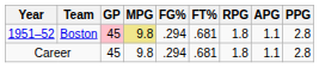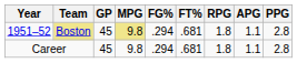 <table class="wikitable sortable" style="font-size:95%; text-align:right;">
 <tr>
 <th>Year</th>
 <th>Team</th>
 <th>GP</th>
 <th>MPG</th>
 <th>FG%</th>
 <th>FT%</th>
 <th>RPG</th>
 <th>APG</th>
 <th>PPG</th>
 </tr>
 <tr>
 <td style="text-align:left;"><a href='#'>1951–52</a></td>
-<td style="text-align:left;"><a href='#'>Boston</a></td>
-<td style="background: pink;">45</td>
+<td style="background: khaki; text-align:left;"><a href='#'>Boston</a></td>
+<td>45</td>
 <td style="background: khaki;">9.8</td>
 <td>.294</td>
 <td>.681</td>
 <td>1.8</td>
 <td>1.1</td>
 <td>2.8</td>
 </tr>
 <tr class="sortbottom">
 <td colspan="2" style="text-align:center;">Career</td>
 <td>45</td>
 <td>9.8</td>
 <td>.294</td>
 <td>.681</td>
 <td>1.8</td>
 <td>1.1</td>
 <td>2.8</td>
 </tr>
 </table>
